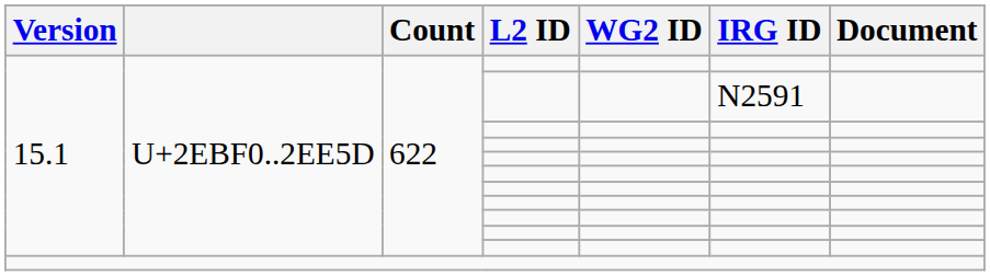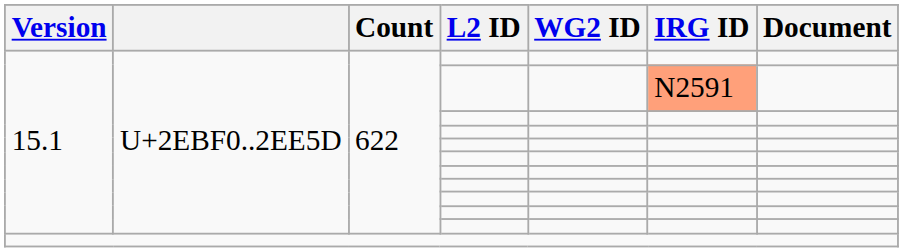 <table class="wikitable collapsible sticky-header">
 <tr>
 <th><a href='#'>Version</a></th>
 <th></th>
 <th>Count</th>
 <th><a href='#'>L2</a> ID</th>
 <th><a href='#'>WG2</a> ID</th>
 <th><a href='#'>IRG</a> ID</th>
 <th>Document</th>
 </tr>
 <tr>
 <td rowspan="11">15.1</td>
 <td rowspan="11">U+2EBF0..2EE5D</td>
 <td rowspan="11">622</td>
 <td></td>
 <td></td>
 <td></td>
 <td></td>
 </tr>
 <tr>
 <td></td>
 <td></td>
-<td>N2591</td>
+<td style="background: lightsalmon;">N2591</td>
 <td></td>
 </tr>
 <tr>
 <td></td>
 <td></td>
 <td></td>
 <td></td>
 </tr>
 <tr>
 <td></td>
 <td></td>
 <td></td>
 <td></td>
 </tr>
 <tr>
 <td></td>
 <td></td>
 <td></td>
 <td></td>
 </tr>
 <tr>
 <td></td>
 <td></td>
 <td></td>
 <td></td>
 </tr>
 <tr>
 <td></td>
 <td></td>
 <td></td>
 <td></td>
 </tr>
 <tr>
 <td></td>
 <td></td>
 <td></td>
 <td></td>
 </tr>
 <tr>
 <td></td>
 <td></td>
 <td></td>
 <td></td>
 </tr>
 <tr>
 <td></td>
 <td></td>
 <td></td>
 <td></td>
 </tr>
 <tr>
 <td></td>
 <td></td>
 <td></td>
 <td></td>
 </tr>
 <tr class="sortbottom">
 <td colspan="7"></td>
 </tr>
 </table>
